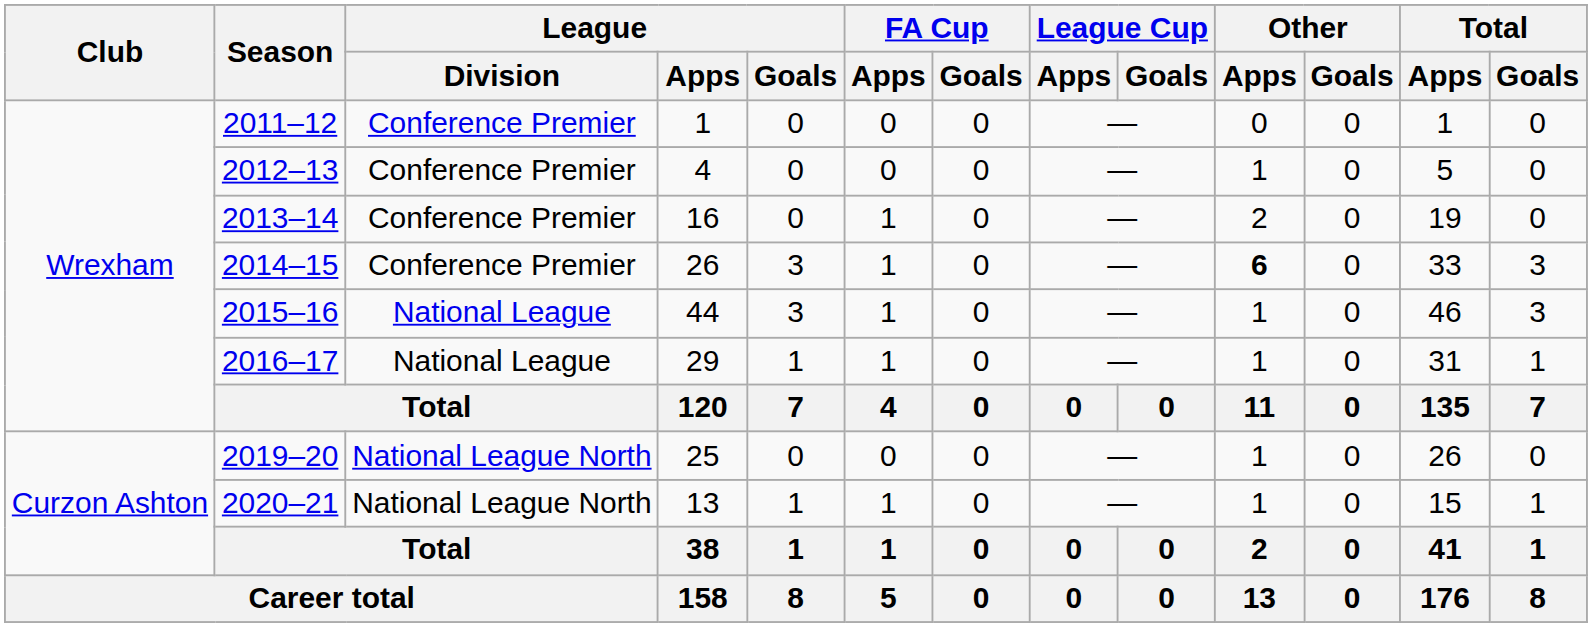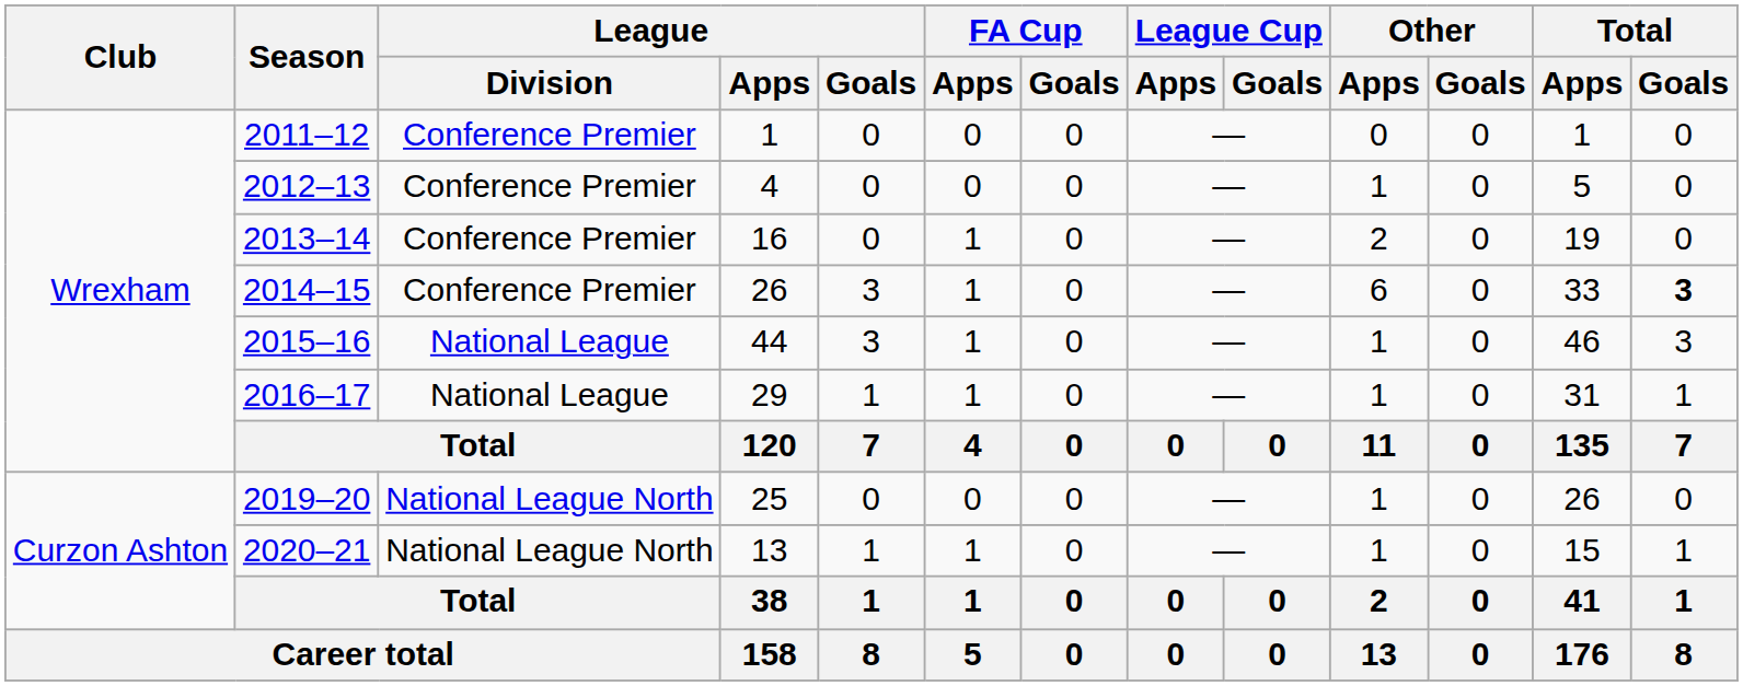 <table class=wikitable style="text-align: center;">
 <tr>
 <th rowspan=2>Club</th>
 <th rowspan=2>Season</th>
 <th colspan=3>League</th>
 <th colspan=2><a href='#'>FA Cup</a></th>
 <th colspan=2><a href='#'>League Cup</a></th>
 <th colspan=2>Other</th>
 <th colspan=2>Total</th>
 </tr>
 <tr>
 <th>Division</th>
 <th>Apps</th>
 <th>Goals</th>
 <th>Apps</th>
 <th>Goals</th>
 <th>Apps</th>
 <th>Goals</th>
 <th>Apps</th>
 <th>Goals</th>
 <th>Apps</th>
 <th>Goals</th>
 </tr>
 <tr>
 <td rowspan=7><a href='#'>Wrexham</a></td>
 <td><a href='#'>2011–12</a></td>
 <td><a href='#'>Conference Premier</a></td>
 <td>1</td>
 <td>0</td>
 <td>0</td>
 <td>0</td>
 <td colspan=2>—</td>
 <td>0</td>
 <td>0</td>
 <td>1</td>
 <td>0</td>
 </tr>
 <tr>
 <td><a href='#'>2012–13</a></td>
 <td>Conference Premier</td>
 <td>4</td>
 <td>0</td>
 <td>0</td>
 <td>0</td>
 <td colspan=2>—</td>
 <td>1</td>
 <td>0</td>
 <td>5</td>
 <td>0</td>
 </tr>
 <tr>
 <td><a href='#'>2013–14</a></td>
 <td>Conference Premier</td>
 <td>16</td>
 <td>0</td>
 <td>1</td>
 <td>0</td>
 <td colspan=2>—</td>
 <td>2</td>
 <td>0</td>
 <td>19</td>
 <td>0</td>
 </tr>
 <tr>
 <td><a href='#'>2014–15</a></td>
 <td>Conference Premier</td>
 <td>26</td>
 <td>3</td>
 <td>1</td>
 <td>0</td>
 <td colspan=2>—</td>
-<td><strong>6</strong></td>
+<td>6</td>
 <td>0</td>
 <td>33</td>
-<td>3</td>
+<td><strong>3</strong></td>
 </tr>
 <tr>
 <td><a href='#'>2015–16</a></td>
 <td><a href='#'>National League</a></td>
 <td>44</td>
 <td>3</td>
 <td>1</td>
 <td>0</td>
 <td colspan=2>—</td>
 <td>1</td>
 <td>0</td>
 <td>46</td>
 <td>3</td>
 </tr>
 <tr>
 <td><a href='#'>2016–17</a></td>
 <td>National League</td>
 <td>29</td>
 <td>1</td>
 <td>1</td>
 <td>0</td>
 <td colspan=2>—</td>
 <td>1</td>
 <td>0</td>
 <td>31</td>
 <td>1</td>
 </tr>
 <tr>
 <th colspan="2">Total</th>
 <th>120</th>
 <th>7</th>
 <th>4</th>
 <th>0</th>
 <th>0</th>
 <th>0</th>
 <th>11</th>
 <th>0</th>
 <th>135</th>
 <th>7</th>
 </tr>
 <tr>
 <td rowspan="3"><a href='#'>Curzon Ashton</a></td>
 <td><a href='#'>2019–20</a></td>
 <td><a href='#'>National League North</a></td>
 <td>25</td>
 <td>0</td>
 <td>0</td>
 <td>0</td>
 <td colspan="2">—</td>
 <td>1</td>
 <td>0</td>
 <td>26</td>
 <td>0</td>
 </tr>
 <tr>
 <td><a href='#'>2020–21</a></td>
 <td>National League North</td>
 <td>13</td>
 <td>1</td>
 <td>1</td>
 <td>0</td>
 <td colspan="2">—</td>
 <td>1</td>
 <td>0</td>
 <td>15</td>
 <td>1</td>
 </tr>
 <tr>
 <th colspan="2">Total</th>
 <th>38</th>
 <th>1</th>
 <th>1</th>
 <th>0</th>
 <th>0</th>
 <th>0</th>
 <th>2</th>
 <th>0</th>
 <th>41</th>
 <th>1</th>
 </tr>
 <tr>
 <th colspan=3>Career total</th>
 <th>158</th>
 <th>8</th>
 <th>5</th>
 <th>0</th>
 <th>0</th>
 <th>0</th>
 <th>13</th>
 <th>0</th>
 <th>176</th>
 <th>8</th>
 </tr>
 </table>
